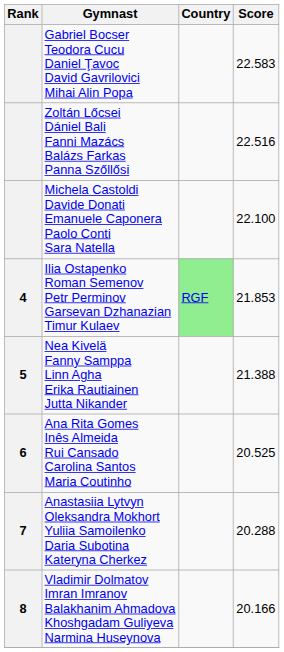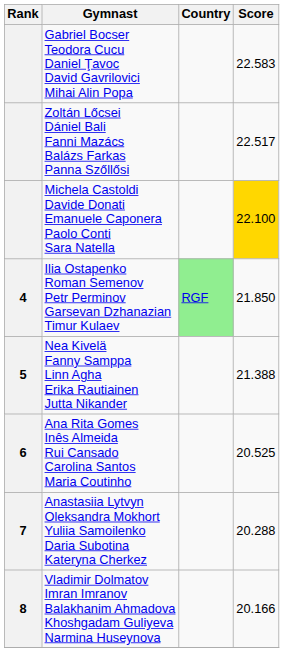 <table class="wikitable sortable">
 <tr>
 <th>Rank</th>
 <th>Gymnast</th>
 <th>Country</th>
 <th>Score</th>
 </tr>
 <tr>
 <th></th>
 <td><a href='#'>Gabriel Bocser</a><br><a href='#'>Teodora Cucu</a><br><a href='#'>Daniel Ţavoc</a><br><a href='#'>David Gavrilovici</a><br><a href='#'>Mihai Alin Popa</a></td>
 <td></td>
 <td>22.583</td>
 </tr>
 <tr>
 <th></th>
 <td><a href='#'>Zoltán Lőcsei</a><br><a href='#'>Dániel Bali</a><br><a href='#'>Fanni Mazács</a><br><a href='#'>Balázs Farkas</a><br><a href='#'>Panna Szőllősi</a></td>
 <td></td>
-<td>22.516</td>
+<td>22.517</td>
 </tr>
 <tr>
 <th></th>
 <td><a href='#'>Michela Castoldi</a><br><a href='#'>Davide Donati</a><br><a href='#'>Emanuele Caponera</a><br><a href='#'>Paolo Conti</a><br><a href='#'>Sara Natella</a></td>
 <td></td>
-<td>22.100</td>
+<td style="background: gold;">22.100</td>
 </tr>
 <tr>
 <th>4</th>
 <td><a href='#'>Ilia Ostapenko</a><br><a href='#'>Roman Semenov</a><br><a href='#'>Petr Perminov</a><br><a href='#'>Garsevan Dzhanazian</a><br><a href='#'>Timur Kulaev</a></td>
 <td style="background: lightgreen;"><a href='#'>RGF</a></td>
-<td>21.853</td>
+<td>21.850</td>
 </tr>
 <tr>
 <th>5</th>
 <td><a href='#'>Nea Kivelä</a><br><a href='#'>Fanny Samppa</a><br><a href='#'>Linn Agha</a><br><a href='#'>Erika Rautiainen</a><br><a href='#'>Jutta Nikander</a></td>
 <td></td>
 <td>21.388</td>
 </tr>
 <tr>
 <th>6</th>
 <td><a href='#'>Ana Rita Gomes</a><br><a href='#'>Inês Almeida</a><br><a href='#'>Rui Cansado</a><br><a href='#'>Carolina Santos</a><br><a href='#'>Maria Coutinho</a></td>
 <td></td>
 <td>20.525</td>
 </tr>
 <tr>
 <th>7</th>
 <td><a href='#'>Anastasiia Lytvyn</a><br><a href='#'>Oleksandra Mokhort</a><br><a href='#'>Yuliia Samoilenko</a><br><a href='#'>Daria Subotina</a><br><a href='#'>Kateryna Cherkez</a></td>
 <td></td>
 <td>20.288</td>
 </tr>
 <tr>
 <th>8</th>
 <td><a href='#'>Vladimir Dolmatov</a><br><a href='#'>Imran Imranov</a><br><a href='#'>Balakhanim Ahmadova</a><br><a href='#'>Khoshgadam Guliyeva</a><br><a href='#'>Narmina Huseynova</a></td>
 <td></td>
 <td>20.166</td>
 </tr>
 <tr>
 </tr>
 </table>
